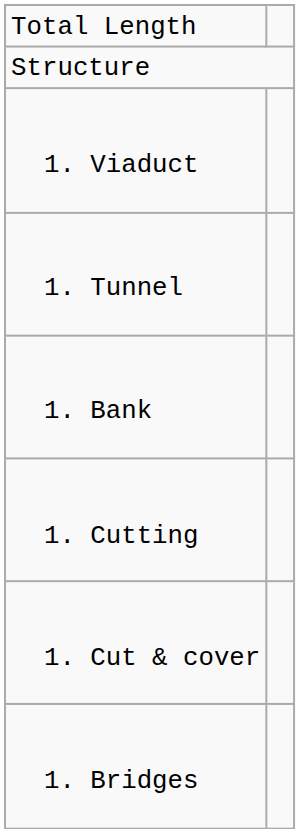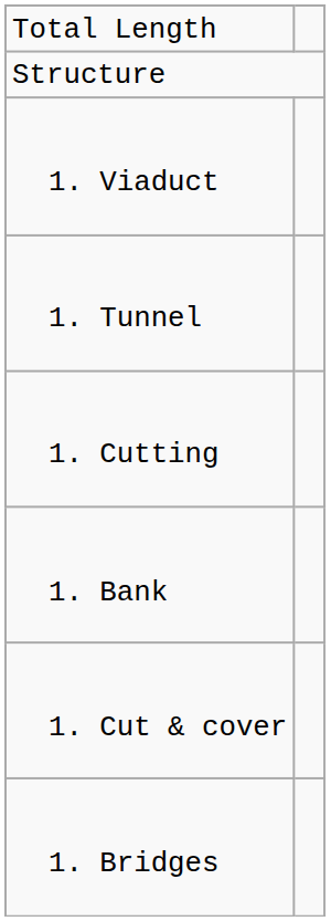 <table class="wikitable">
 <tr>
 <td>Total Length</td>
 <td>  </td>
 </tr>
 <tr>
 <td colspan="2">Structure</td>
 </tr>
 <tr>
 <td><br><ol><li>Viaduct</li></ol></td>
 <td></td>
 </tr>
 <tr>
 <td><br><ol><li>Tunnel</li></ol></td>
 <td></td>
 </tr>
 <tr>
-<td><br><ol><li>Bank</li></ol></td>
+<td><br><ol><li>Cutting</li></ol></td>
 <td></td>
 </tr>
 <tr>
-<td><br><ol><li>Cutting</li></ol></td>
+<td><br><ol><li>Bank</li></ol></td>
 <td></td>
 </tr>
 <tr>
 <td><br><ol><li>Cut & cover</li></ol></td>
 <td></td>
 </tr>
 <tr>
 <td><br><ol><li>Bridges</li></ol></td>
 <td></td>
 </tr>
 </table>
